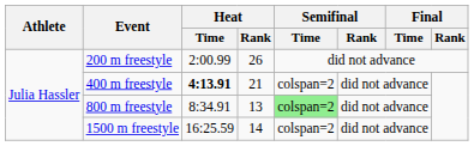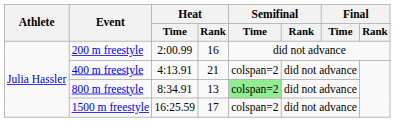 <table class="wikitable" style="text-align:center; font-size:90%">
 <tr>
 <th rowspan="2">Athlete</th>
 <th rowspan="2">Event</th>
 <th colspan="2">Heat</th>
 <th colspan="2">Semifinal</th>
 <th colspan="2">Final</th>
 </tr>
 <tr style="font-size:95%">
 <th>Time</th>
 <th>Rank</th>
 <th>Time</th>
 <th>Rank</th>
 <th>Time</th>
 <th>Rank</th>
 </tr>
 <tr>
 <td align=left rowspan=4><a href='#'>Julia Hassler</a></td>
 <td align=left><a href='#'>200 m freestyle</a></td>
 <td>2:00.99</td>
-<td>26</td>
+<td>16</td>
 <td colspan=4>did not advance</td>
 </tr>
 <tr>
 <td align=left><a href='#'>400 m freestyle</a></td>
-<td><strong>4:13.91</strong></td>
+<td>4:13.91</td>
 <td>21</td>
 <td>colspan=2 </td>
 <td colspan=2>did not advance</td>
 </tr>
 <tr>
 <td align=left><a href='#'>800 m freestyle</a></td>
 <td>8:34.91</td>
 <td>13</td>
 <td style="background: lightgreen;">colspan=2 </td>
 <td colspan=2>did not advance</td>
 </tr>
 <tr>
 <td align=left><a href='#'>1500 m freestyle</a></td>
 <td>16:25.59</td>
-<td>14</td>
+<td>17</td>
 <td>colspan=2 </td>
 <td colspan=2>did not advance</td>
 </tr>
 </table>
